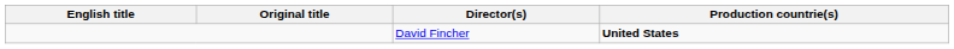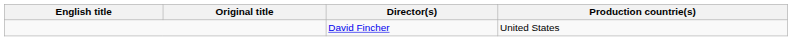 <table class="sortable wikitable" style="width:100%; margin-bottom:4px" cellpadding="5">
 <tr>
 <th scope="col">English title</th>
 <th scope="col">Original title</th>
 <th scope="col">Director(s)</th>
 <th scope="col">Production countrie(s)</th>
 </tr>
 <tr>
 <td colspan = "2"></td>
 <td><a href='#'>David Fincher</a></td>
-<td><strong>United States</strong></td>
+<td>United States</td>
 </tr>
 </table>
